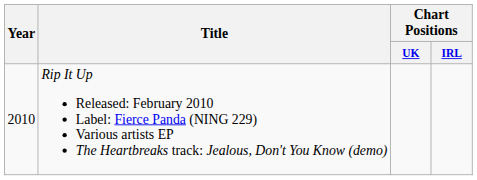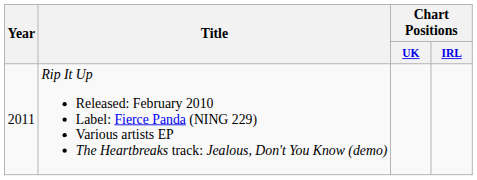 <table class="wikitable" style=text-align:center;>
 <tr>
 <th rowspan="2">Year</th>
 <th rowspan="2">Title</th>
 <th colspan="2">Chart Positions</th>
 </tr>
 <tr>
 <th width="40"><small><a href='#'>UK</a></small></th>
 <th width="40"><small><a href='#'>IRL</a></small></th>
 </tr>
 <tr>
-<td>2010</td>
+<td>2011</td>
 <td align="left"><em>Rip It Up</em><br><ul><li>Released: February 2010</li><li>Label: <a href='#'>Fierce Panda</a> (NING 229)</li><li>Various artists EP</li><li><em>The Heartbreaks</em> track: <em>Jealous, Don't You Know (demo)</em></li></ul></td>
 <td> </td>
 <td> </td>
 </tr>
 </table>
